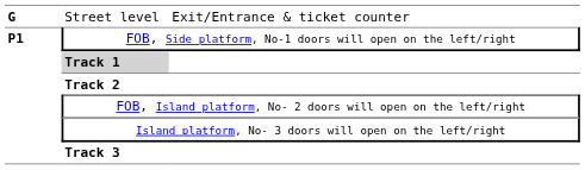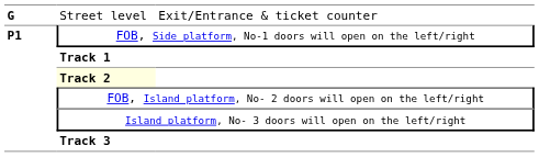 <table table border=0 cellspacing=0 cellpadding=3>
 <tr>
 <td style="border-top:solid 1px gray;" width=50 valign=top><strong>G</strong></td>
 <td style="border-top:solid 1px gray;" width=100 valign=top>Street level</td>
 <td style="border-top:solid 1px gray;" width=400 valign=top>Exit/Entrance & ticket counter</td>
 </tr>
 <tr>
 <td style="border-top:solid 1px gray;border-bottom:solid 1px gray;" width=50 rowspan=6 valign=top><strong>P1</strong></td>
 <td style="border-top:solid 1px gray;border-right:solid 2px black;border-left:solid 2px black;border-bottom:solid 2px black;text-align:center;" colspan=2><a href='#'>FOB</a>, <small><a href='#'>Side platform</a>, No-1 doors will open on the left/right</small></td>
 </tr>
 <tr>
-<td style="background: lightgrey; border-bottom:solid 1px gray;" width=100><strong>Track 1</strong></td>
+<td style="border-bottom:solid 1px gray;" width=100><strong>Track 1</strong></td>
 <td style="border-bottom:solid 1px gray;" width=400></td>
 </tr>
 <tr>
-<td><strong>Track 2</strong></td>
+<td style="background: lightyellow;"><strong>Track 2</strong></td>
 <td></td>
 </tr>
 <tr>
 <td style="border-top:solid 1px black;border-right:solid 2px black;border-left:solid 2px black;border-bottom:solid 1px gray;text-align:center;" colspan=2><a href='#'>FOB</a>, <small><a href='#'>Island platform</a>, No- 2 doors will open on the left/right</small></td>
 </tr>
 <tr>
 <td style="border-top:solid 1px gray;border-right:solid 2px black;border-left:solid 2px black;border-bottom:solid 2px black;text-align:center;" colspan=2><small><a href='#'>Island platform</a>, No- 3 doors will open on the left/right</small></td>
 </tr>
 <tr>
 <td style="border-bottom:solid 1px gray;" width=100><strong>Track 3</strong></td>
 <td style="border-bottom:solid 1px gray;" width=400></td>
 </tr>
 <tr>
 </tr>
 </table>
